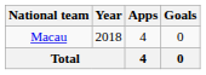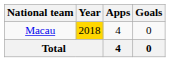 <table class="wikitable" style="text-align:center">
 <tr>
 <th>National team</th>
 <th>Year</th>
 <th>Apps</th>
 <th>Goals</th>
 </tr>
 <tr>
 <td><a href='#'>Macau</a></td>
-<td>2018</td>
+<td style="background: gold;">2018</td>
 <td>4</td>
 <td>0</td>
 </tr>
 <tr>
 <th colspan=2>Total</th>
 <th>4</th>
 <th>0</th>
 </tr>
 </table>
